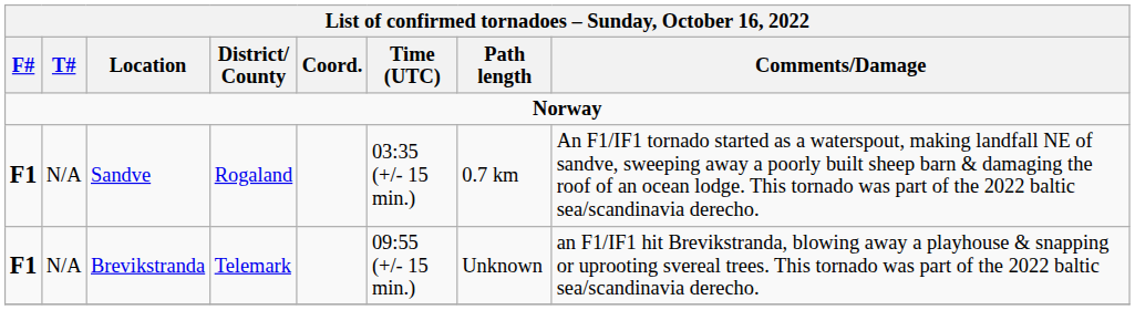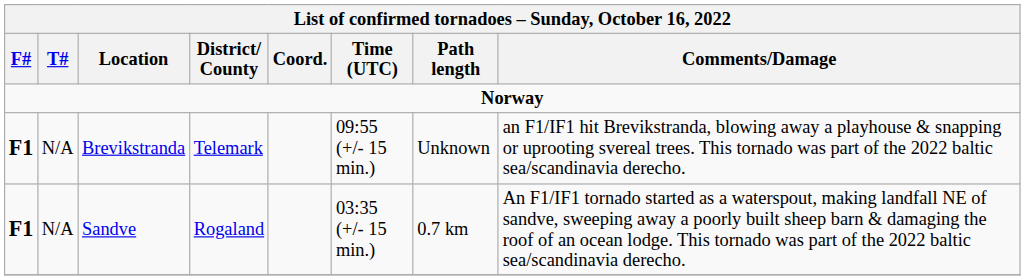 <table class="wikitable collapsible" width="100%">
 <tr>
 <th colspan="8">List of confirmed tornadoes – Sunday, October 16, 2022</th>
 </tr>
 <tr>
 <th><a href='#'>F#</a></th>
 <th><a href='#'>T#</a></th>
 <th>Location</th>
 <th>District/<br>County</th>
 <th>Coord.</th>
 <th>Time (UTC)</th>
 <th>Path length</th>
 <th>Comments/Damage</th>
 </tr>
 <tr>
 <td colspan="8" align=center><strong>Norway</strong></td>
 </tr>
 <tr>
 <td><big><strong>F1</strong></big></td>
 <td>N/A</td>
+<td><a href='#'>Brevikstranda</a></td>
+<td><a href='#'>Telemark</a></td>
+<td></td>
+<td>09:55 (+/- 15 min.)</td>
+<td>Unknown</td>
+<td>an F1/IF1 hit Brevikstranda, blowing away a playhouse & snapping or uprooting svereal trees. This tornado was part of the 2022 baltic sea/scandinavia derecho.</td>
+</tr>
+<tr>
+<td><big><strong>F1</strong></big></td>
+<td>N/A</td>
 <td><a href='#'>Sandve</a></td>
 <td><a href='#'>Rogaland</a></td>
 <td></td>
 <td>03:35 (+/- 15 min.)</td>
 <td>0.7 km</td>
 <td>An F1/IF1 tornado started as a waterspout, making landfall NE of sandve, sweeping away a poorly built sheep barn & damaging the roof of an ocean lodge. This tornado was part of the 2022 baltic sea/scandinavia derecho.</td>
 </tr>
 <tr>
-<td><big><strong>F1</strong></big></td>
-<td>N/A</td>
-<td><a href='#'>Brevikstranda</a></td>
-<td><a href='#'>Telemark</a></td>
-<td></td>
-<td>09:55 (+/- 15 min.)</td>
-<td>Unknown</td>
-<td>an F1/IF1 hit Brevikstranda, blowing away a playhouse & snapping or uprooting svereal trees. This tornado was part of the 2022 baltic sea/scandinavia derecho.</td>
-</tr>
-<tr>
 </tr>
 </table>
